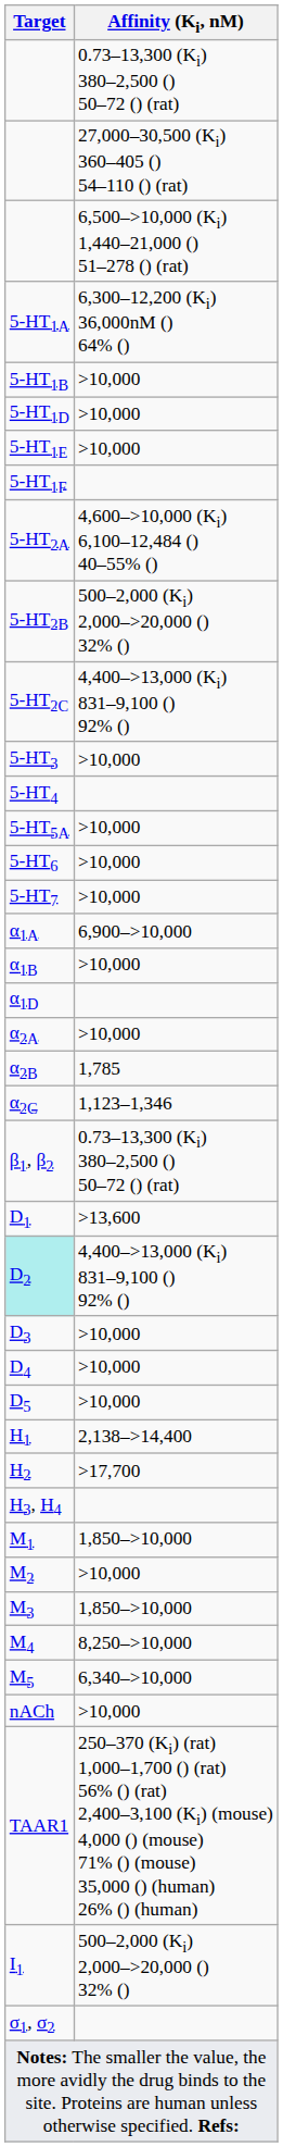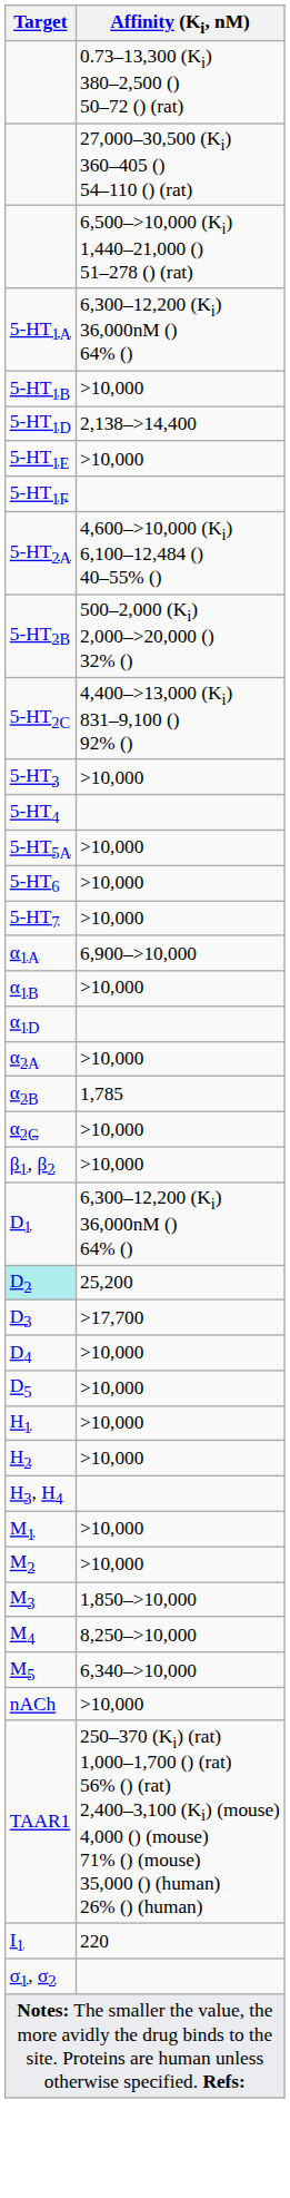 <table class="wikitable floatright" style="font-size:small;">
 <tr>
 <th><a href='#'>Target</a></th>
 <th><a href='#'>Affinity</a> (K<sub>i</sub>, nM)</th>
 </tr>
 <tr>
 <td></td>
 <td>0.73–13,300 (K<sub>i</sub>)<br>380–2,500 ()<br>50–72 () (rat)</td>
 </tr>
 <tr>
 <td></td>
 <td>27,000–30,500 (K<sub>i</sub>)<br>360–405 ()<br>54–110 () (rat)</td>
 </tr>
 <tr>
 <td></td>
 <td>6,500–>10,000 (K<sub>i</sub>)<br>1,440–21,000 ()<br>51–278 () (rat)</td>
 </tr>
 <tr>
 <td><a href='#'>5-HT<sub>1A</sub></a></td>
 <td>6,300–12,200 (K<sub>i</sub>)<br>36,000nM ()<br>64% ()</td>
 </tr>
 <tr>
 <td><a href='#'>5-HT<sub>1B</sub></a></td>
 <td>>10,000</td>
 </tr>
 <tr>
 <td><a href='#'>5-HT<sub>1D</sub></a></td>
-<td>>10,000</td>
+<td>2,138–>14,400</td>
 </tr>
 <tr>
 <td><a href='#'>5-HT<sub>1E</sub></a></td>
 <td>>10,000</td>
 </tr>
 <tr>
 <td><a href='#'>5-HT<sub>1F</sub></a></td>
 <td></td>
 </tr>
 <tr>
 <td><a href='#'>5-HT<sub>2A</sub></a></td>
 <td>4,600–>10,000 (K<sub>i</sub>)<br>6,100–12,484 ()<br>40–55% ()</td>
 </tr>
 <tr>
 <td><a href='#'>5-HT<sub>2B</sub></a></td>
 <td>500–2,000 (K<sub>i</sub>)<br>2,000–>20,000 ()<br>32% ()</td>
 </tr>
 <tr>
 <td><a href='#'>5-HT<sub>2C</sub></a></td>
 <td>4,400–>13,000 (K<sub>i</sub>)<br>831–9,100 ()<br>92% ()</td>
 </tr>
 <tr>
 <td><a href='#'>5-HT<sub>3</sub></a></td>
 <td>>10,000</td>
 </tr>
 <tr>
 <td><a href='#'>5-HT<sub>4</sub></a></td>
 <td></td>
 </tr>
 <tr>
 <td><a href='#'>5-HT<sub>5A</sub></a></td>
 <td>>10,000</td>
 </tr>
 <tr>
 <td><a href='#'>5-HT<sub>6</sub></a></td>
 <td>>10,000</td>
 </tr>
 <tr>
 <td><a href='#'>5-HT<sub>7</sub></a></td>
 <td>>10,000</td>
 </tr>
 <tr>
 <td><a href='#'>α<sub>1A</sub></a></td>
 <td>6,900–>10,000</td>
 </tr>
 <tr>
 <td><a href='#'>α<sub>1B</sub></a></td>
 <td>>10,000</td>
 </tr>
 <tr>
 <td><a href='#'>α<sub>1D</sub></a></td>
 <td></td>
 </tr>
 <tr>
 <td><a href='#'>α<sub>2A</sub></a></td>
 <td>>10,000</td>
 </tr>
 <tr>
 <td><a href='#'>α<sub>2B</sub></a></td>
 <td>1,785</td>
 </tr>
 <tr>
 <td><a href='#'>α<sub>2C</sub></a></td>
-<td>1,123–1,346</td>
+<td>>10,000</td>
 </tr>
 <tr>
 <td><a href='#'>β<sub>1</sub></a>, <a href='#'>β<sub>2</sub></a></td>
-<td>0.73–13,300 (K<sub>i</sub>)<br>380–2,500 ()<br>50–72 () (rat)</td>
+<td>>10,000</td>
 </tr>
 <tr>
 <td><a href='#'>D<sub>1</sub></a></td>
-<td>>13,600</td>
+<td>6,300–12,200 (K<sub>i</sub>)<br>36,000nM ()<br>64% ()</td>
 </tr>
 <tr>
 <td style="background: paleturquoise;"><a href='#'>D<sub>2</sub></a></td>
-<td>4,400–>13,000 (K<sub>i</sub>)<br>831–9,100 ()<br>92% ()</td>
+<td>25,200</td>
 </tr>
 <tr>
 <td><a href='#'>D<sub>3</sub></a></td>
-<td>>10,000</td>
+<td>>17,700</td>
 </tr>
 <tr>
 <td><a href='#'>D<sub>4</sub></a></td>
 <td>>10,000</td>
 </tr>
 <tr>
 <td><a href='#'>D<sub>5</sub></a></td>
 <td>>10,000</td>
 </tr>
 <tr>
 <td><a href='#'>H<sub>1</sub></a></td>
-<td>2,138–>14,400</td>
+<td>>10,000</td>
 </tr>
 <tr>
 <td><a href='#'>H<sub>2</sub></a></td>
-<td>>17,700</td>
+<td>>10,000</td>
 </tr>
 <tr>
 <td><a href='#'>H<sub>3</sub></a>, <a href='#'>H<sub>4</sub></a></td>
 <td></td>
 </tr>
 <tr>
 <td><a href='#'>M<sub>1</sub></a></td>
-<td>1,850–>10,000</td>
+<td>>10,000</td>
 </tr>
 <tr>
 <td><a href='#'>M<sub>2</sub></a></td>
 <td>>10,000</td>
 </tr>
 <tr>
 <td><a href='#'>M<sub>3</sub></a></td>
 <td>1,850–>10,000</td>
 </tr>
 <tr>
 <td><a href='#'>M<sub>4</sub></a></td>
 <td>8,250–>10,000</td>
 </tr>
 <tr>
 <td><a href='#'>M<sub>5</sub></a></td>
 <td>6,340–>10,000</td>
 </tr>
 <tr>
 <td><a href='#'>nACh</a></td>
 <td>>10,000</td>
 </tr>
 <tr>
 <td><a href='#'>TAAR1</a></td>
 <td>250–370 (K<sub>i</sub>) (rat)<br>1,000–1,700 () (rat)<br>56% () (rat)<br>2,400–3,100 (K<sub>i</sub>) (mouse)<br>4,000 () (mouse)<br>71% () (mouse)<br>35,000 () (human)<br>26% () (human)</td>
 </tr>
 <tr>
 <td><a href='#'>I<sub>1</sub></a></td>
-<td>500–2,000 (K<sub>i</sub>)<br>2,000–>20,000 ()<br>32% ()</td>
+<td>220</td>
 </tr>
 <tr>
 <td><a href='#'>σ<sub>1</sub></a>, <a href='#'>σ<sub>2</sub></a></td>
 <td></td>
 </tr>
 <tr class="sortbottom">
 <td colspan="2" style="width: 1px; background-color:#eaecf0; text-align: center;"><strong>Notes:</strong> The smaller the value, the more avidly the drug binds to the site. Proteins are human unless otherwise specified. <strong>Refs:</strong> <br></td>
 </tr>
 </table>
